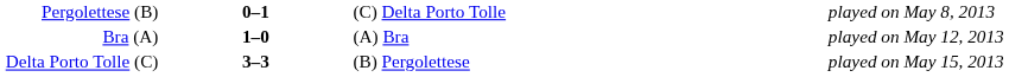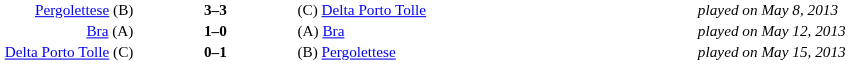 <table width="100%" cellspacing="1">
 <tr>
 <th width="30%"></th>
 <th width="12%"></th>
 <th width="30%"></th>
 <th width="30%'"></th>
 <th></th>
 </tr>
 <tr style="font-size:90%;">
 <td align="right"><a href='#'>Pergolettese</a> (B)</td>
-<td align="center"><strong>0–1</strong></td>
+<td align="center"><strong>3–3</strong></td>
 <td align="left">(C) <a href='#'>Delta Porto Tolle</a></td>
 <td align="left"><em>played on May 8, 2013</em></td>
 </tr>
 <tr style="font-size:90%;">
 <td align="right"><a href='#'>Bra</a> (A)</td>
 <td align="center"><strong>1–0</strong></td>
 <td align="left">(A) <a href='#'>Bra</a></td>
 <td align="left"><em>played on May 12, 2013</em></td>
 </tr>
 <tr style="font-size:90%;">
 <td align="right"><a href='#'>Delta Porto Tolle</a> (C)</td>
-<td align="center"><strong>3–3</strong></td>
+<td align="center"><strong>0–1</strong></td>
 <td align="left">(B) <a href='#'>Pergolettese</a></td>
 <td align="left"><em>played on May 15, 2013</em></td>
 </tr>
 </table>
